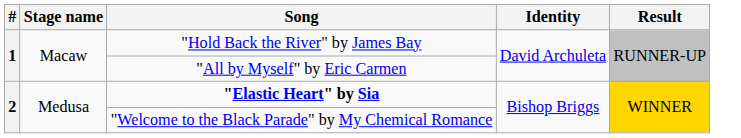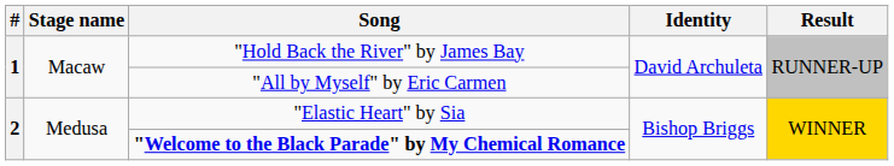 <table class="wikitable plainrowheaders" style="text-align: center;">
 <tr>
 <th>#</th>
 <th>Stage name</th>
 <th>Song</th>
 <th>Identity</th>
 <th>Result</th>
 </tr>
 <tr>
 <th rowspan=2>1</th>
 <td rowspan=2>Macaw</td>
 <td>"<a href='#'>Hold Back the River</a>" by <a href='#'>James Bay</a></td>
 <td rowspan=2><a href='#'>David Archuleta</a></td>
 <td bgcolor=silver rowspan=2>RUNNER-UP</td>
 </tr>
 <tr>
 <td>"<a href='#'>All by Myself</a>" by <a href='#'>Eric Carmen</a></td>
 </tr>
 <tr>
 <th rowspan=2>2</th>
 <td rowspan=2>Medusa</td>
-<td><strong>"<a href='#'>Elastic Heart</a>" by <a href='#'>Sia</a></strong></td>
+<td>"<a href='#'>Elastic Heart</a>" by <a href='#'>Sia</a></td>
 <td rowspan=2><a href='#'>Bishop Briggs</a></td>
 <td bgcolor=gold rowspan=2>WINNER</td>
 </tr>
 <tr>
-<td>"<a href='#'>Welcome to the Black Parade</a>" by <a href='#'>My Chemical Romance</a></td>
+<td><strong>"<a href='#'>Welcome to the Black Parade</a>" by <a href='#'>My Chemical Romance</a></strong></td>
 </tr>
 </table>
